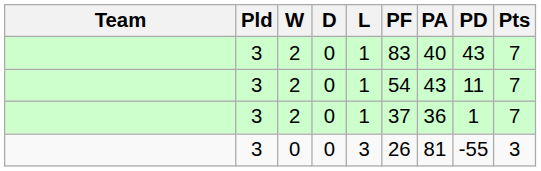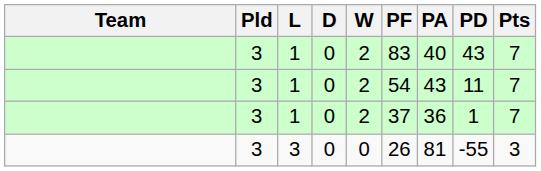 <table class="wikitable" style="text-align:center;">
 <tr>
 <th width=175>Team</th>
 <th width=20 abbr="Played">Pld</th>
+<th width=20 abbr="Lost">L</th>
+<th width=20 abbr="Drawn">D</th>
 <th width=20 abbr="Won">W</th>
-<th width=20 abbr="Drawn">D</th>
-<th width=20 abbr="Lost">L</th>
 <th width=20 abbr="Points for">PF</th>
 <th width=20 abbr="Points against">PA</th>
 <th width=25 abbr="Points difference">PD</th>
 <th width=20 abbr="Points">Pts</th>
 </tr>
 <tr bgcolor=ccffcc>
 <td style="text-align:left;"></td>
 <td>3</td>
+<td>1</td>
+<td>0</td>
 <td>2</td>
-<td>0</td>
-<td>1</td>
 <td>83</td>
 <td>40</td>
 <td>43</td>
 <td>7</td>
 </tr>
 <tr bgcolor=ccffcc>
 <td style="text-align:left;"></td>
 <td>3</td>
+<td>1</td>
+<td>0</td>
 <td>2</td>
-<td>0</td>
-<td>1</td>
 <td>54</td>
 <td>43</td>
 <td>11</td>
 <td>7</td>
 </tr>
 <tr bgcolor=ccffcc>
 <td style="text-align:left;"></td>
 <td>3</td>
+<td>1</td>
+<td>0</td>
 <td>2</td>
-<td>0</td>
-<td>1</td>
 <td>37</td>
 <td>36</td>
 <td>1</td>
 <td>7</td>
 </tr>
 <tr>
 <td style="text-align:left;"></td>
 <td>3</td>
+<td>3</td>
 <td>0</td>
 <td>0</td>
-<td>3</td>
 <td>26</td>
 <td>81</td>
 <td>-55</td>
 <td>3</td>
 </tr>
 </table>
